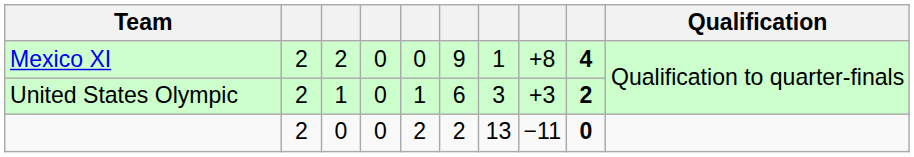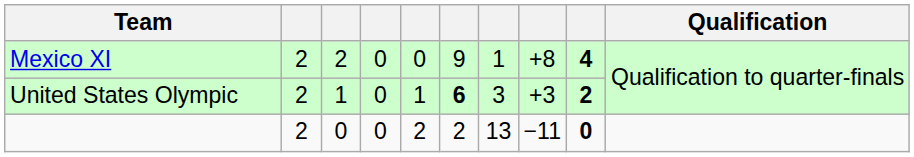 <table class="wikitable" style="text-align:center;">
 <tr>
 <th width=185>Team</th>
 <th width=20></th>
 <th width=20></th>
 <th width=20></th>
 <th width=20></th>
 <th width=20></th>
 <th width=20></th>
 <th width=20></th>
 <th width=20></th>
 <th>Qualification</th>
 </tr>
 <tr bgcolor="#ccffcc">
 <td align="left"> <a href='#'>Mexico XI</a></td>
 <td>2</td>
 <td>2</td>
 <td>0</td>
 <td>0</td>
 <td>9</td>
 <td>1</td>
 <td>+8</td>
 <td><strong>4</strong></td>
 <td rowspan="2">Qualification to quarter-finals</td>
 </tr>
 <tr bgcolor="#ccffcc">
 <td align="left"> United States Olympic</td>
 <td>2</td>
 <td>1</td>
 <td>0</td>
 <td>1</td>
-<td>6</td>
+<td><strong>6</strong></td>
 <td>3</td>
 <td>+3</td>
 <td><strong>2</strong></td>
 </tr>
 <tr>
 <td align="left"></td>
 <td>2</td>
 <td>0</td>
 <td>0</td>
 <td>2</td>
 <td>2</td>
 <td>13</td>
 <td>−11</td>
 <td><strong>0</strong></td>
 <td></td>
 </tr>
 </table>
